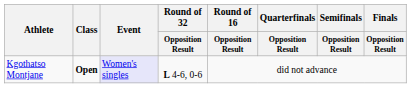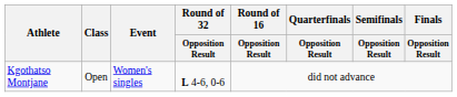 <table class=wikitable style="font-size:90%">
 <tr>
 <th rowspan="2">Athlete</th>
 <th rowspan="2">Class</th>
 <th rowspan="2">Event</th>
 <th>Round of 32</th>
 <th>Round of 16</th>
 <th>Quarterfinals</th>
 <th>Semifinals</th>
 <th>Finals</th>
 </tr>
 <tr>
 <th style="line-height:1em"><small>Opposition<br>Result</small></th>
 <th style="line-height:1em"><small>Opposition<br>Result</small></th>
 <th style="line-height:1em"><small>Opposition<br>Result</small></th>
 <th style="line-height:1em"><small>Opposition<br>Result</small></th>
 <th style="line-height:1em"><small>Opposition<br>Result</small></th>
 </tr>
 <tr>
 <td><a href='#'>Kgothatso Montjane</a></td>
-<td style="text-align:center;"><strong>Open</strong></td>
-<td style="background: lavender;"><a href='#'>Women's singles</a></td>
+<td style="text-align:center;">Open</td>
+<td><a href='#'>Women's singles</a></td>
 <td style="text-align:center;"><br><strong>L</strong> 4-6, 0-6</td>
 <td style="text-align:center;" colspan="4">did not advance</td>
 </tr>
 </table>
